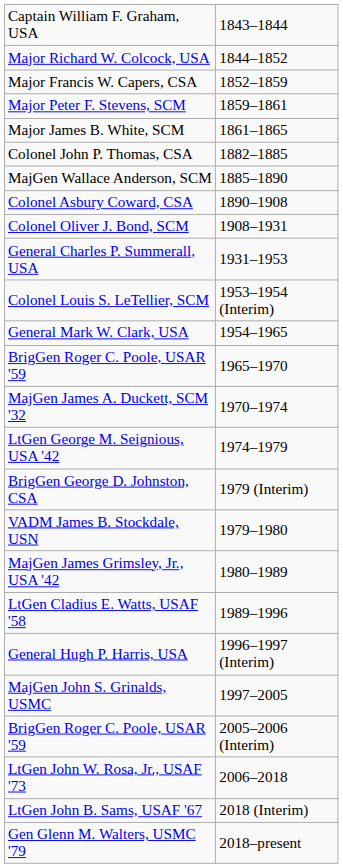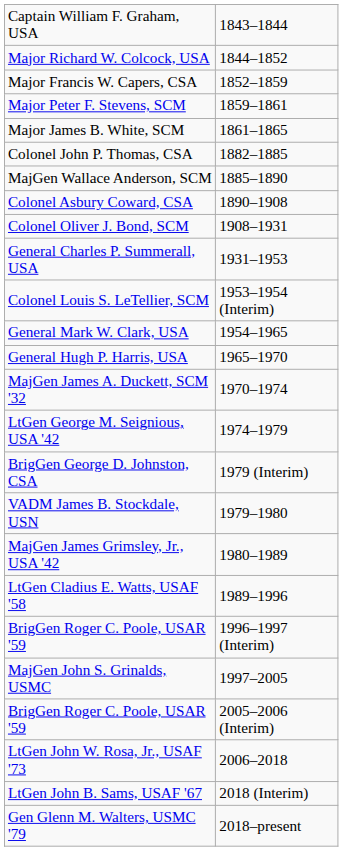 <table class="wikitable floatright" style="width:22em;">
 <tr>
 <td William F. Graham>Captain William F. Graham, USA</td>
 <td>1843–1844</td>
 </tr>
 <tr>
 <td><a href='#'>Major Richard W. Colcock, USA</a></td>
 <td>1844–1852</td>
 </tr>
 <tr>
 <td Francis W. Capers>Major Francis W. Capers, CSA</td>
 <td>1852–1859</td>
 </tr>
 <tr>
 <td><a href='#'>Major Peter F. Stevens, SCM</a></td>
 <td>1859–1861</td>
 </tr>
 <tr>
 <td James Benjamin White>Major James B. White, SCM</td>
 <td>1861–1865</td>
 </tr>
 <tr>
 <td John P. Thomas>Colonel John P. Thomas, CSA</td>
 <td>1882–1885</td>
 </tr>
 <tr>
 <td>MajGen Wallace Anderson, SCM</td>
 <td>1885–1890</td>
 </tr>
 <tr>
 <td><a href='#'>Colonel Asbury Coward, CSA</a></td>
 <td>1890–1908</td>
 </tr>
 <tr>
 <td><a href='#'>Colonel Oliver J. Bond, SCM</a></td>
 <td>1908–1931</td>
 </tr>
 <tr>
 <td><a href='#'>General Charles P. Summerall, USA</a></td>
 <td>1931–1953</td>
 </tr>
 <tr>
 <td><a href='#'>Colonel Louis S. LeTellier, SCM</a></td>
 <td>1953–1954 (Interim)</td>
 </tr>
 <tr>
 <td><a href='#'>General Mark W. Clark, USA</a></td>
 <td>1954–1965</td>
 </tr>
 <tr>
-<td><a href='#'>BrigGen Roger C. Poole, USAR '59</a></td>
+<td><a href='#'>General Hugh P. Harris, USA</a></td>
 <td>1965–1970</td>
 </tr>
 <tr>
 <td><a href='#'>MajGen James A. Duckett, SCM '32</a></td>
 <td>1970–1974</td>
 </tr>
 <tr>
 <td><a href='#'>LtGen George M. Seignious, USA '42</a></td>
 <td>1974–1979</td>
 </tr>
 <tr>
 <td><a href='#'>BrigGen George D. Johnston, CSA</a></td>
 <td>1979 (Interim)</td>
 </tr>
 <tr>
 <td><a href='#'>VADM James B. Stockdale, USN</a></td>
 <td>1979–1980</td>
 </tr>
 <tr>
 <td><a href='#'>MajGen James Grimsley, Jr., USA '42</a></td>
 <td>1980–1989</td>
 </tr>
 <tr>
 <td><a href='#'>LtGen Cladius E. Watts, USAF '58</a></td>
 <td>1989–1996</td>
 </tr>
 <tr>
-<td><a href='#'>General Hugh P. Harris, USA</a></td>
+<td><a href='#'>BrigGen Roger C. Poole, USAR '59</a></td>
 <td>1996–1997 (Interim)</td>
 </tr>
 <tr>
 <td><a href='#'>MajGen John S. Grinalds, USMC</a></td>
 <td>1997–2005</td>
 </tr>
 <tr>
 <td><a href='#'>BrigGen Roger C. Poole, USAR '59</a></td>
 <td>2005–2006 (Interim)</td>
 </tr>
 <tr>
 <td><a href='#'>LtGen John W. Rosa, Jr., USAF '73</a></td>
 <td>2006–2018</td>
 </tr>
 <tr>
 <td><a href='#'>LtGen John B. Sams, USAF '67</a></td>
 <td>2018 (Interim)</td>
 </tr>
 <tr>
 <td><a href='#'>Gen Glenn M. Walters, USMC '79</a></td>
 <td>2018–present</td>
 </tr>
 </table>
